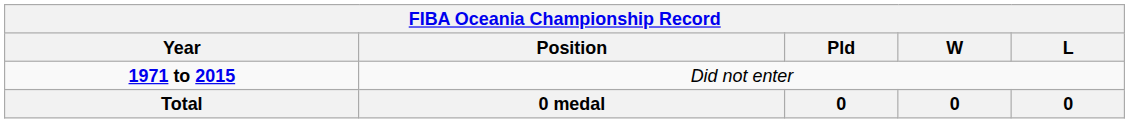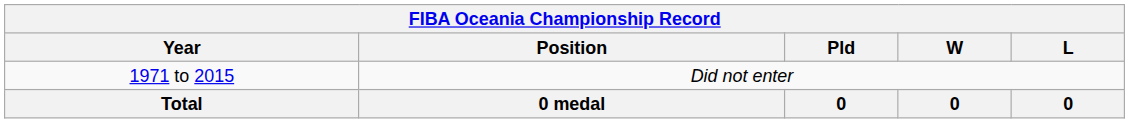 <table class="wikitable collapsible autocollapse" style="text-align: center; font-size:95%;" width=60%>
 <tr>
 <th colspan=9><a href='#'>FIBA Oceania Championship Record</a></th>
 </tr>
 <tr>
 <th width=25%>Year</th>
 <th width=30%>Position</th>
 <th width=8%>Pld</th>
 <th width=8%>W</th>
 <th width=8%>L</th>
 </tr>
 <tr>
-<td><strong><a href='#'>1971</a> to <a href='#'>2015</a></strong></td>
+<td><a href='#'>1971</a> to <a href='#'>2015</a></td>
 <td colspan=4><em>Did not enter</em></td>
 </tr>
 <tr>
 <th><strong>Total</strong></th>
 <th>0 medal</th>
 <th>0</th>
 <th>0</th>
 <th>0</th>
 </tr>
 </table>
